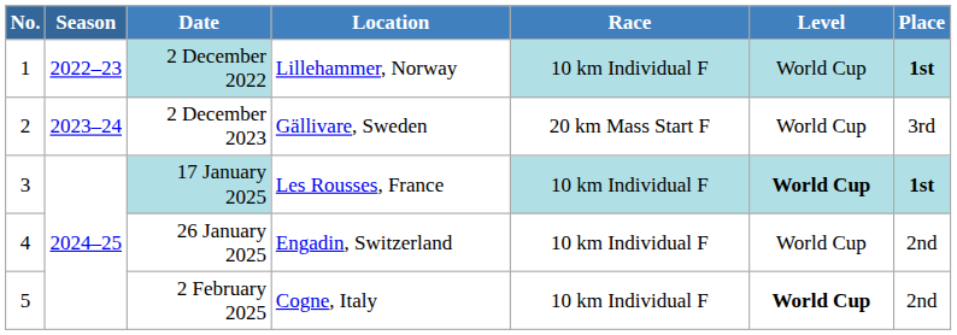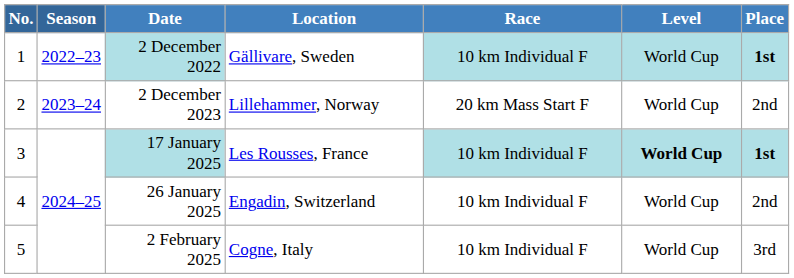 <table class="wikitable sortable" style="font-size:95%; text-align:center; border:grey solid 1px; border-collapse:collapse; background:#ffffff;">
 <tr style="background:#efefef;">
 <th style="background-color:#369; color:white;">No.</th>
 <th style="background-color:#369; color:white;">Season</th>
 <th style="background-color:#4180be; color:white; width:100px;">Date</th>
 <th style="background-color:#4180be; color:white; width:170px;">Location</th>
 <th style="background-color:#4180be; color:white; width:170px;">Race</th>
 <th style="background-color:#4180be; color:white; width:100px;">Level</th>
 <th style="background-color:#4180be; color:white;">Place</th>
 </tr>
 <tr>
 <td align=center>1</td>
 <td rowspan="1" align="center"><a href='#'>2022–23</a></td>
 <td bgcolor="#BOEOE6" align=right>2 December 2022</td>
-<td align=left> <a href='#'>Lillehammer</a>, Norway</td>
+<td align=left> <a href='#'>Gällivare</a>, Sweden</td>
 <td bgcolor="#BOEOE6">10 km Individual F</td>
 <td bgcolor="#BOEOE6">World Cup</td>
 <td bgcolor="#BOEOE6"><strong>1st</strong></td>
 </tr>
 <tr>
 <td align=center>2</td>
 <td rowspan="1" align="center"><a href='#'>2023–24</a></td>
 <td align=right>2 December 2023</td>
-<td align=left> <a href='#'>Gällivare</a>, Sweden</td>
+<td align=left> <a href='#'>Lillehammer</a>, Norway</td>
 <td>20 km Mass Start F</td>
 <td>World Cup</td>
-<td>3rd</td>
+<td>2nd</td>
 </tr>
 <tr>
 <td align=center>3</td>
 <td rowspan="3" align="center"><a href='#'>2024–25</a></td>
 <td align=right bgcolor="#BOEOE6">17 January 2025</td>
 <td align=left> <a href='#'>Les Rousses</a>, France</td>
 <td bgcolor="#BOEOE6">10 km Individual F</td>
 <td bgcolor="#BOEOE6"><strong>World Cup</strong></td>
 <td bgcolor="#BOEOE6"><strong>1st</strong></td>
 </tr>
 <tr>
 <td align=center>4</td>
 <td align=right>26 January 2025</td>
 <td align=left> <a href='#'>Engadin</a>, Switzerland</td>
 <td>10 km Individual F</td>
 <td>World Cup</td>
 <td>2nd</td>
 </tr>
 <tr>
 <td align=center>5</td>
 <td align=right>2 February 2025</td>
 <td align=left> <a href='#'>Cogne</a>, Italy</td>
 <td>10 km Individual F</td>
-<td><strong>World Cup</strong></td>
-<td>2nd</td>
+<td>World Cup</td>
+<td>3rd</td>
 </tr>
 </table>
